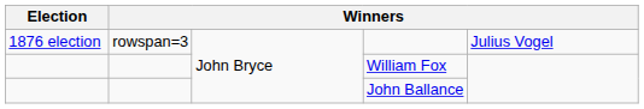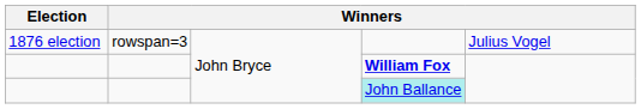 <table class=wikitable>
 <tr>
 <th width=100>Election</th>
 <th colspan=4>Winners</th>
 </tr>
 <tr>
 <td><a href='#'>1876 election</a></td>
 <td>rowspan=3 </td>
 <td width=170 rowspan=3>John Bryce</td>
 <td></td>
 <td width=170><a href='#'>Julius Vogel</a></td>
 </tr>
 <tr>
 <td></td>
 <td></td>
-<td><a href='#'>William Fox</a></td>
+<td><strong><a href='#'>William Fox</a></strong></td>
 </tr>
 <tr>
 <td></td>
 <td></td>
-<td><a href='#'>John Ballance</a></td>
+<td style="background: paleturquoise;"><a href='#'>John Ballance</a></td>
 </tr>
 </table>
